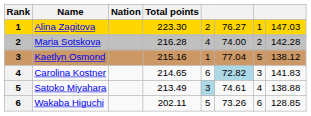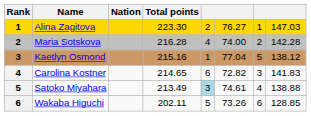 <table class="wikitable sortable">
 <tr>
 <th>Rank</th>
 <th>Name</th>
 <th>Nation</th>
 <th>Total points</th>
 <th colspan="2" width="80px"></th>
 <th colspan="2" width="80px"></th>
 </tr>
 <tr bgcolor="gold">
 <td align="center"><strong>1</strong></td>
 <td><a href='#'>Alina Zagitova</a></td>
 <td></td>
 <td align="center">223.30</td>
 <td align="center">2</td>
 <td align="center">76.27</td>
 <td align="center">1</td>
 <td align="center">147.03</td>
 </tr>
 <tr bgcolor="silver">
 <td align="center"><strong>2</strong></td>
 <td><a href='#'>Maria Sotskova</a></td>
 <td></td>
 <td align="center">216.28</td>
 <td align="center">4</td>
 <td align="center">74.00</td>
 <td align="center">2</td>
 <td align="center">142.28</td>
 </tr>
 <tr bgcolor=cc9966>
 <td align="center"><strong>3</strong></td>
 <td><a href='#'>Kaetlyn Osmond</a></td>
 <td></td>
 <td align="center">215.16</td>
 <td align="center">1</td>
 <td align="center">77.04</td>
 <td align="center">5</td>
 <td align="center">138.12</td>
 </tr>
 <tr>
 <th>4</th>
 <td><a href='#'>Carolina Kostner</a></td>
 <td></td>
 <td align="center">214.65</td>
 <td align="center">6</td>
-<td align="center" style="background: lightblue;">72.82</td>
+<td align="center">72.82</td>
 <td align="center">3</td>
 <td align="center">141.83</td>
 </tr>
 <tr>
 <th>5</th>
 <td><a href='#'>Satoko Miyahara</a></td>
 <td></td>
 <td align="center">213.49</td>
 <td align="center" style="background: lightblue;">3</td>
 <td align="center">74.61</td>
 <td align="center">4</td>
 <td align="center">138.88</td>
 </tr>
 <tr>
 <th>6</th>
 <td><a href='#'>Wakaba Higuchi</a></td>
 <td></td>
 <td align="center">202.11</td>
 <td align="center">5</td>
 <td align="center">73.26</td>
 <td align="center">6</td>
 <td align="center">128.85</td>
 </tr>
 </table>
